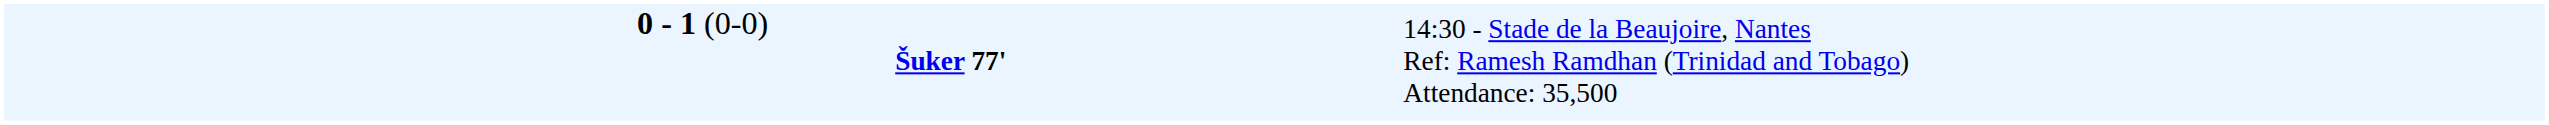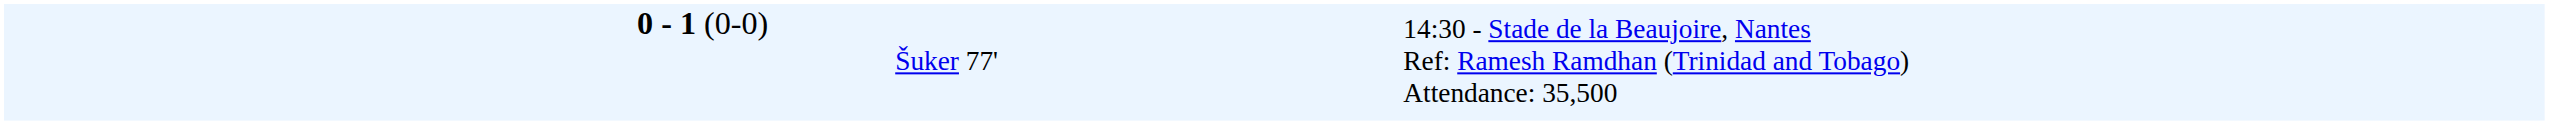 <table cellspacing=0 width=100% style=background:#EBF5FF>
 <tr>
 <td width="20%" align="right"><strong></strong></td>
 <td align="center" width=15%><strong>0 - 1</strong> (0-0)</td>
 <td width="20%"><strong></strong></td>
 <td style=font-size:85% rowspan=3>14:30 - <a href='#'>Stade de la Beaujoire</a>, <a href='#'>Nantes</a><br>Ref: <a href='#'>Ramesh Ramdhan</a> (<a href='#'>Trinidad and Tobago</a>)<br>Attendance: 35,500</td>
 </tr>
 <tr style=font-size:85%>
 <td></td>
 <td></td>
-<td><strong><a href='#'>Šuker</a> 77'</strong></td>
+<td><a href='#'>Šuker</a> 77'</td>
 </tr>
 <tr>
 <td> </td>
 </tr>
 </table>
